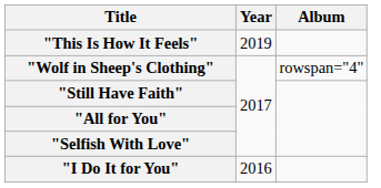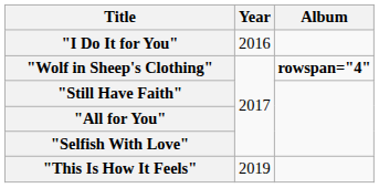 <table class="wikitable plainrowheaders" style="text-align:center;">
 <tr>
 <th scope="col" style="width:14em;">Title</th>
 <th scope="col">Year</th>
 <th scope="col">Album</th>
 </tr>
 <tr>
-<th scope="row">"This Is How It Feels"</th>
-<td rowspan="1">2019</td>
+<th scope="row">"I Do It for You"</th>
+<td rowspan="1">2016</td>
 <td></td>
 </tr>
 <tr>
 <th scope="row">"Wolf in Sheep's Clothing"</th>
 <td rowspan="4">2017</td>
-<td>rowspan="4" </td>
+<td><strong>rowspan="4" </strong></td>
 </tr>
 <tr>
 <th scope="row">"Still Have Faith"</th>
 </tr>
 <tr>
 <th scope="row">"All for You"</th>
 </tr>
 <tr>
 <th scope="row">"Selfish With Love"</th>
 </tr>
 <tr>
-<th scope="row">"I Do It for You"</th>
-<td rowspan="1">2016</td>
+<th scope="row">"This Is How It Feels"</th>
+<td rowspan="1">2019</td>
 <td></td>
 </tr>
 </table>
